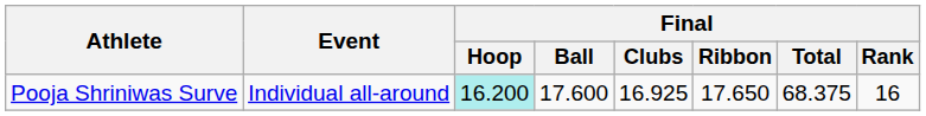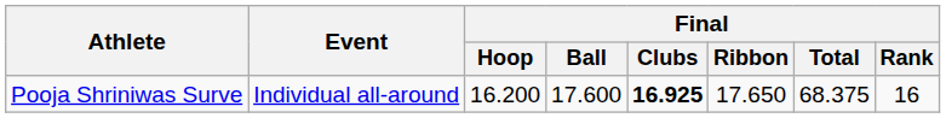 <table class=wikitable style="font-size:90%">
 <tr>
 <th rowspan="2">Athlete</th>
 <th rowspan="2">Event</th>
 <th colspan=6>Final</th>
 </tr>
 <tr style="font-size:95%">
 <th>Hoop</th>
 <th>Ball</th>
 <th>Clubs</th>
 <th>Ribbon</th>
 <th>Total</th>
 <th>Rank</th>
 </tr>
 <tr align=center>
 <td align=left><a href='#'>Pooja Shriniwas Surve</a></td>
 <td align=left><a href='#'>Individual all-around</a></td>
-<td style="background: paleturquoise;">16.200</td>
+<td>16.200</td>
 <td>17.600</td>
-<td>16.925</td>
+<td><strong>16.925</strong></td>
 <td>17.650</td>
 <td>68.375</td>
 <td>16</td>
 </tr>
 </table>
